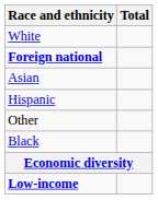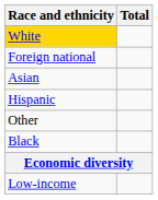 <table class="wikitable floatright sortable collapsible"; text-align:right; font-size:80%;">
 <tr>
 <th>Race and ethnicity</th>
 <th colspan="2" data-sort-type=number>Total</th>
 </tr>
 <tr>
-<td><a href='#'>White</a></td>
+<td style="background: gold;"><a href='#'>White</a></td>
 <td align=right></td>
 </tr>
 <tr>
-<td><strong><a href='#'>Foreign national</a></strong></td>
+<td><a href='#'>Foreign national</a></td>
 <td align=right></td>
 </tr>
 <tr>
 <td><a href='#'>Asian</a></td>
 <td align=right></td>
 </tr>
 <tr>
 <td><a href='#'>Hispanic</a></td>
 <td align=right></td>
 </tr>
 <tr>
 <td>Other</td>
 <td align=right></td>
 </tr>
 <tr>
 <td><a href='#'>Black</a></td>
 <td align=right></td>
 </tr>
 <tr>
 <th colspan="4" data-sort-type=number><a href='#'>Economic diversity</a></th>
 </tr>
 <tr>
-<td><strong><a href='#'>Low-income</a></strong></td>
+<td><a href='#'>Low-income</a></td>
 <td align=right></td>
 </tr>
 </table>
